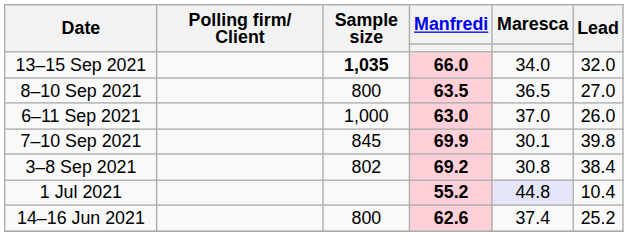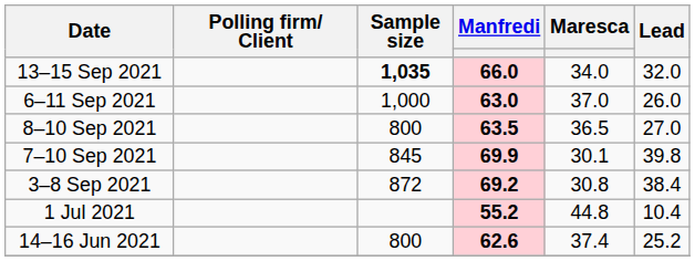 <table class=wikitable style="text-align:center;font-size:85%;line-height:13px">
 <tr style="height:30px; background-color:#E9E9E9">
 <th style="width:110px;" rowspan="2">Date</th>
 <th style="width:120px;" rowspan="2">Polling firm/<br>Client</th>
 <th style="width:60px;" rowspan="2">Sample size</th>
 <th style="width:55px;"><a href='#'>Manfredi</a></th>
 <th style="width:55px;">Maresca</th>
 <th style="width:30px;" rowspan="2">Lead</th>
 </tr>
 <tr>
 <th style="background:"></th>
 <th style="background:"></th>
 </tr>
 <tr>
 <td>13–15 Sep 2021</td>
 <td></td>
 <td><strong>1,035</strong></td>
 <td style="background:#FFD0D7"><strong>66.0</strong></td>
 <td>34.0</td>
 <td style="background:">32.0</td>
 </tr>
 <tr>
+<td>6–11 Sep 2021</td>
+<td></td>
+<td>1,000</td>
+<td style="background:#FFD0D7"><strong>63.0</strong></td>
+<td>37.0</td>
+<td style="background:">26.0</td>
+</tr>
+<tr>
 <td>8–10 Sep 2021</td>
 <td></td>
 <td>800</td>
 <td style="background:#FFD0D7"><strong>63.5</strong></td>
 <td>36.5</td>
 <td style="background:">27.0</td>
-</tr>
-<tr>
-<td>6–11 Sep 2021</td>
-<td></td>
-<td>1,000</td>
-<td style="background:#FFD0D7"><strong>63.0</strong></td>
-<td>37.0</td>
-<td style="background:">26.0</td>
 </tr>
 <tr>
 <td>7–10 Sep 2021</td>
 <td></td>
 <td>845</td>
 <td style="background:#FFD0D7"><strong>69.9</strong></td>
 <td>30.1</td>
 <td style="background:">39.8</td>
 </tr>
 <tr>
 <td>3–8 Sep 2021</td>
 <td></td>
-<td>802</td>
+<td>872</td>
 <td style="background:#FFD0D7"><strong>69.2</strong></td>
 <td>30.8</td>
 <td style="background:">38.4</td>
 </tr>
 <tr>
 <td>1 Jul 2021</td>
 <td></td>
 <td></td>
 <td style="background:#FFD0D7"><strong>55.2</strong></td>
-<td style="background: lavender;">44.8</td>
+<td>44.8</td>
 <td style="background:">10.4</td>
 </tr>
 <tr>
 <td>14–16 Jun 2021</td>
 <td></td>
 <td>800</td>
 <td style="background:#FFD0D7"><strong>62.6</strong></td>
 <td>37.4</td>
 <td style="background:">25.2</td>
 </tr>
 <tr>
 </tr>
 </table>
